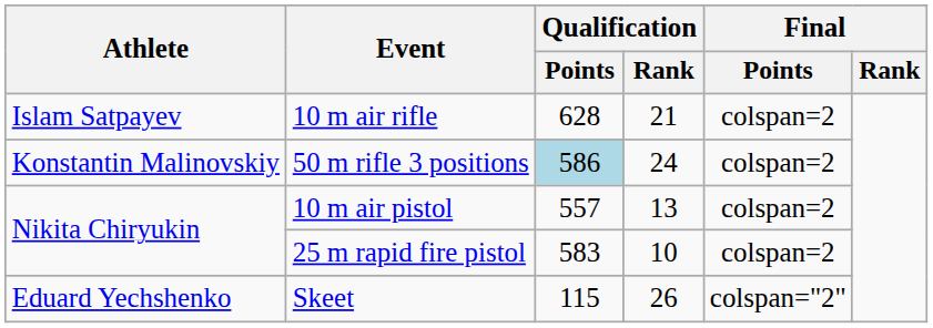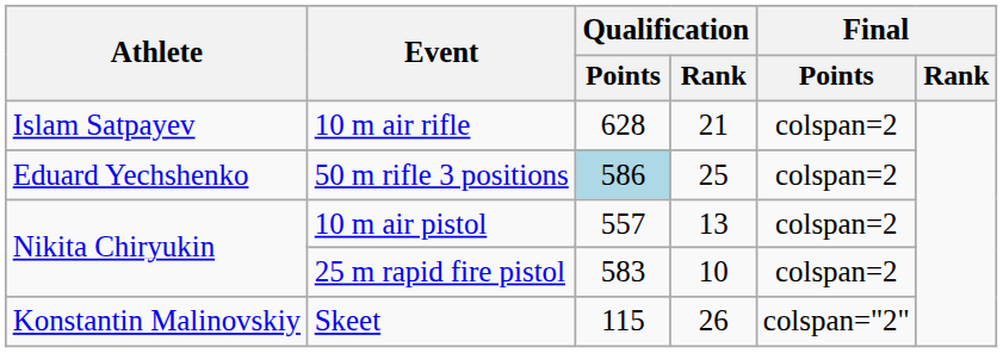 <table class="wikitable" style="font-size:90%">
 <tr>
 <th rowspan="2">Athlete</th>
 <th rowspan="2">Event</th>
 <th colspan=2>Qualification</th>
 <th colspan=2>Final</th>
 </tr>
 <tr style="font-size:95%">
 <th>Points</th>
 <th>Rank</th>
 <th>Points</th>
 <th>Rank</th>
 </tr>
 <tr align=center>
 <td align=left><a href='#'>Islam Satpayev</a></td>
 <td align=left><a href='#'>10 m air rifle</a></td>
 <td>628</td>
 <td>21</td>
 <td>colspan=2 </td>
 </tr>
 <tr align=center>
-<td align=left><a href='#'>Konstantin Malinovskiy</a></td>
+<td align=left><a href='#'>Eduard Yechshenko</a></td>
 <td align=left><a href='#'>50 m rifle 3 positions</a></td>
 <td style="background: lightblue;">586</td>
-<td>24</td>
+<td>25</td>
 <td>colspan=2 </td>
 </tr>
 <tr align=center>
 <td align=left rowspan=2><a href='#'>Nikita Chiryukin</a></td>
 <td align=left><a href='#'>10 m air pistol</a></td>
 <td>557</td>
 <td>13</td>
 <td>colspan=2 </td>
 </tr>
 <tr align=center>
 <td align=left><a href='#'>25 m rapid fire pistol</a></td>
 <td>583</td>
 <td>10</td>
 <td>colspan=2 </td>
 </tr>
 <tr align=center>
-<td align=left><a href='#'>Eduard Yechshenko</a></td>
+<td align=left><a href='#'>Konstantin Malinovskiy</a></td>
 <td align=left><a href='#'>Skeet</a></td>
 <td>115</td>
 <td>26</td>
 <td>colspan="2" </td>
 </tr>
 </table>
